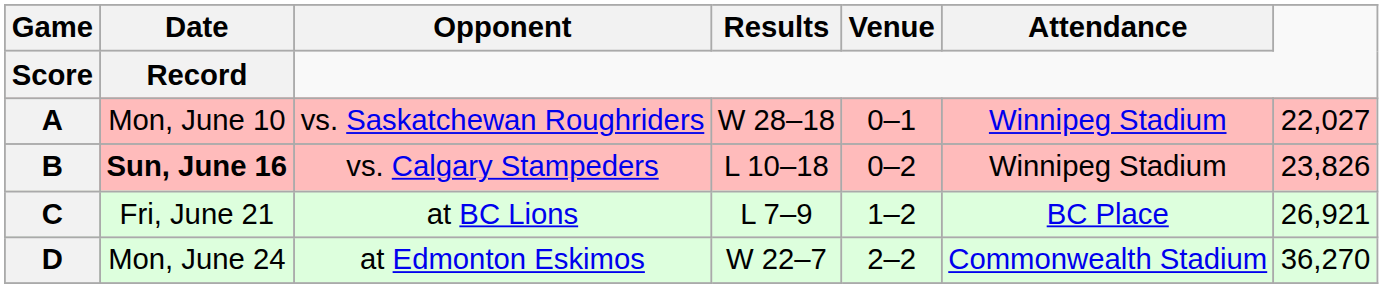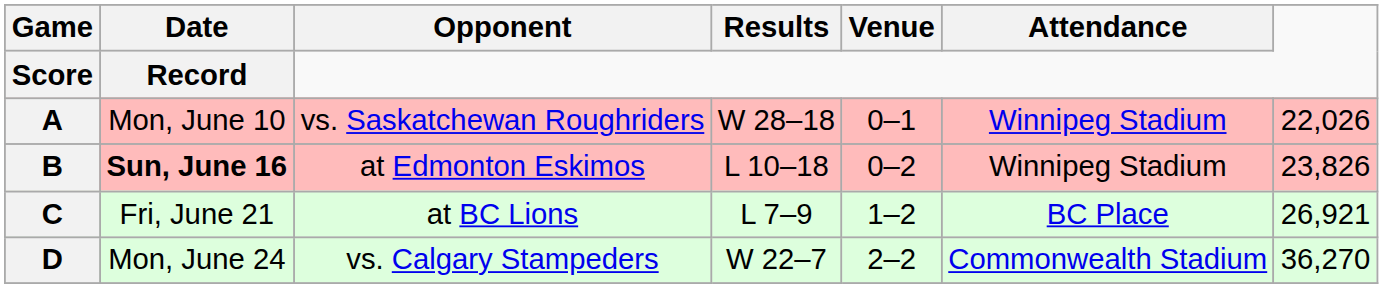 <table class="wikitable" style="text-align:center">
 <tr>
 <th>Game</th>
 <th>Date</th>
 <th>Opponent</th>
 <th>Results</th>
 <th>Venue</th>
 <th>Attendance</th>
 </tr>
 <tr>
 <th>Score</th>
 <th>Record</th>
 </tr>
 <tr style="background:#ffbbbb">
 <th>A</th>
 <td>Mon, June 10</td>
 <td>vs. <a href='#'>Saskatchewan Roughriders</a></td>
 <td>W 28–18</td>
 <td>0–1</td>
 <td><a href='#'>Winnipeg Stadium</a></td>
-<td>22,027</td>
+<td>22,026</td>
 </tr>
 <tr style="background:#ffbbbb">
 <th>B</th>
 <td><strong>Sun, June 16</strong></td>
-<td>vs. <a href='#'>Calgary Stampeders</a></td>
+<td>at <a href='#'>Edmonton Eskimos</a></td>
 <td>L 10–18</td>
 <td>0–2</td>
 <td>Winnipeg Stadium</td>
 <td>23,826</td>
 </tr>
 <tr style="background:#ddffdd">
 <th>C</th>
 <td>Fri, June 21</td>
 <td>at <a href='#'>BC Lions</a></td>
 <td>L 7–9</td>
 <td>1–2</td>
 <td><a href='#'>BC Place</a></td>
 <td>26,921</td>
 </tr>
 <tr style="background:#ddffdd">
 <th>D</th>
 <td>Mon, June 24</td>
-<td>at <a href='#'>Edmonton Eskimos</a></td>
+<td>vs. <a href='#'>Calgary Stampeders</a></td>
 <td>W 22–7</td>
 <td>2–2</td>
 <td><a href='#'>Commonwealth Stadium</a></td>
 <td>36,270</td>
 </tr>
 </table>
